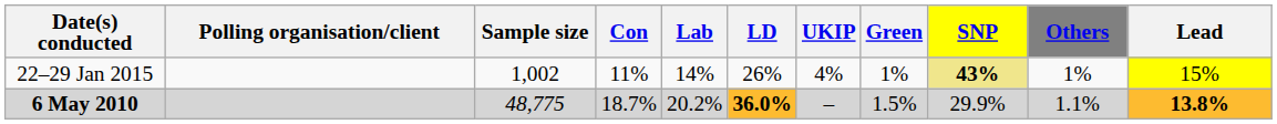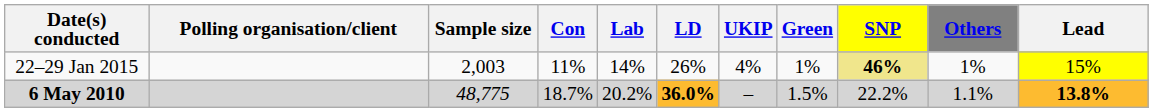 <table class="wikitable sortable" style="text-align:center;font-size:90%;line-height:14px">
 <tr>
 <th ! style="width:100px;">Date(s)<br>conducted</th>
 <th style="width:200px;">Polling organisation/client</th>
 <th class="unsortable" style="width:75px;">Sample size</th>
 <th class="unsortable" style="background:"><a href='#'><span>Con</span></a></th>
 <th class="unsortable" style="background:"><a href='#'><span>Lab</span></a></th>
 <th class="unsortable" style="background:"><a href='#'><span>LD</span></a></th>
 <th class="unsortable" style="background:"><a href='#'><span>UKIP</span></a></th>
 <th class="unsortable" style="background:"><a href='#'><span>Green</span></a></th>
 <th class="unsortable" style="background:#ffff00; width:60px;"><a href='#'><span>SNP</span></a></th>
 <th class="unsortable" style="background:gray; width:60px;"><a href='#'><span>Others</span></a></th>
 <th class="unsortable" style="width:90px;">Lead</th>
 </tr>
 <tr>
 <td>22–29 Jan 2015</td>
 <td> </td>
-<td>1,002</td>
+<td>2,003</td>
 <td>11%</td>
 <td>14%</td>
 <td>26%</td>
 <td>4%</td>
 <td>1%</td>
-<td style="background:khaki"><strong>43%</strong></td>
+<td style="background:khaki"><strong>46%</strong></td>
 <td>1%</td>
 <td style="background:#ff0"><span>15% </span></td>
 </tr>
 <tr>
 <td style="background:#D5D5D5"><strong>6 May 2010</strong></td>
 <td style="background:#D5D5D5"></td>
 <td style="background:#D5D5D5"><em>48,775</em></td>
 <td style="background:#D5D5D5">18.7%</td>
 <td style="background:#D5D5D5">20.2%</td>
 <td style="background:#fdbb30"><strong>36.0%</strong></td>
 <td style="background:#D5D5D5">–</td>
 <td style="background:#D5D5D5">1.5%</td>
-<td style="background:#D5D5D5">29.9%</td>
+<td style="background:#D5D5D5">22.2%</td>
 <td style="background:#D5D5D5">1.1%</td>
 <td style="background:#fdbb30"><span><strong>13.8% </strong></span></td>
 </tr>
 </table>
